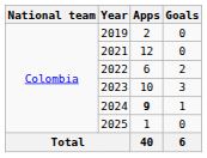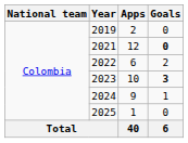 <table class=wikitable style=text-align:center>
 <tr>
 <th>National team</th>
 <th>Year</th>
 <th>Apps</th>
 <th>Goals</th>
 </tr>
 <tr>
 <td rowspan="6"><a href='#'>Colombia</a></td>
 <td>2019</td>
 <td>2</td>
 <td>0</td>
 </tr>
 <tr>
 <td>2021</td>
 <td>12</td>
-<td>0</td>
+<td><strong>0</strong></td>
 </tr>
 <tr>
 <td>2022</td>
 <td>6</td>
 <td>2</td>
 </tr>
 <tr>
 <td>2023</td>
 <td>10</td>
-<td>3</td>
+<td><strong>3</strong></td>
 </tr>
 <tr>
 <td>2024</td>
-<td><strong>9</strong></td>
+<td>9</td>
 <td>1</td>
 </tr>
 <tr>
 <td>2025</td>
 <td>1</td>
 <td>0</td>
 </tr>
 <tr>
 <th colspan="2">Total</th>
 <th>40</th>
 <th>6</th>
 </tr>
 </table>
